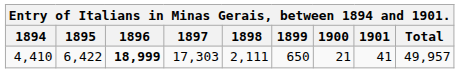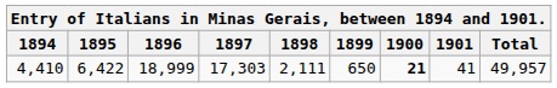 <table class="wikitable" style="margin: 1em auto 1em auto">
 <tr>
 <th colspan="9">Entry of Italians in Minas Gerais, between 1894 and 1901.</th>
 </tr>
 <tr>
 <th>1894</th>
 <th>1895</th>
 <th>1896</th>
 <th>1897</th>
 <th>1898</th>
 <th>1899</th>
 <th>1900</th>
 <th>1901</th>
 <th>Total</th>
 </tr>
 <tr style="text-align:right;">
 <td>4,410</td>
 <td>6,422</td>
-<td><strong>18,999</strong></td>
+<td>18,999</td>
 <td>17,303</td>
 <td>2,111</td>
 <td>650</td>
-<td>21</td>
+<td><strong>21</strong></td>
 <td>41</td>
 <td>49,957</td>
 </tr>
 </table>
